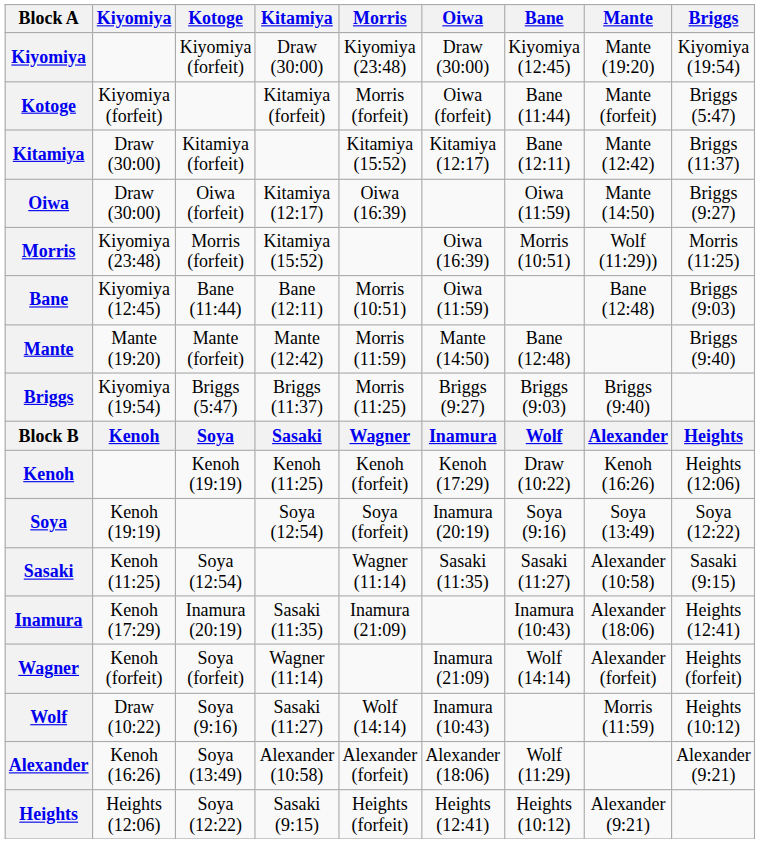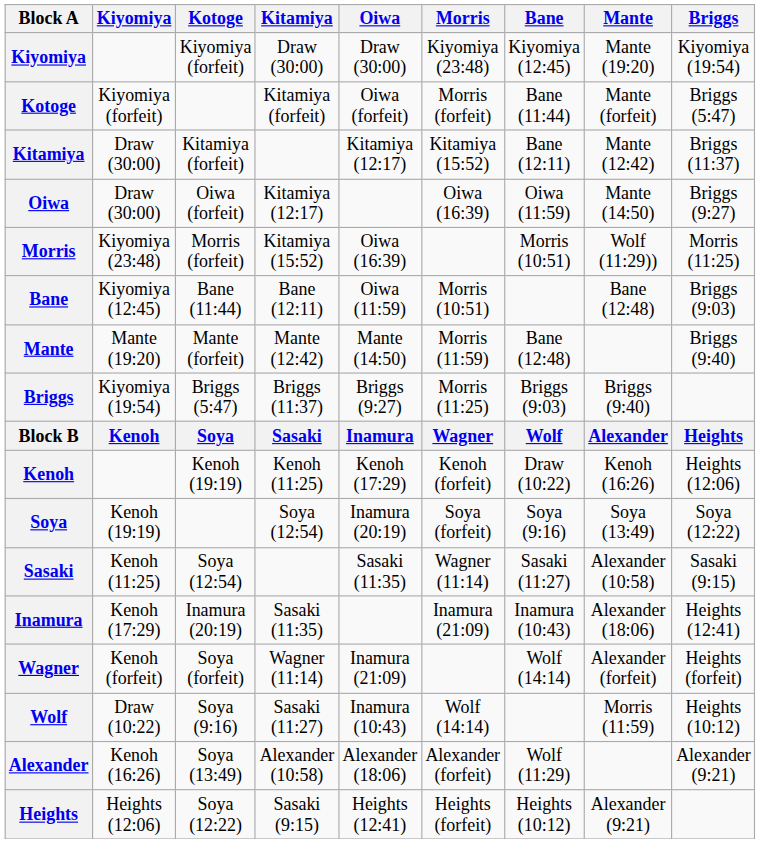 <table class="wikitable" style="text-align:center; margin: 1em auto 1em auto;" width="25%">
 <tr>
 <th>Block A</th>
 <th><a href='#'>Kiyomiya</a></th>
 <th><a href='#'>Kotoge</a></th>
 <th><a href='#'>Kitamiya</a></th>
+<th><a href='#'>Oiwa</a></th>
 <th><a href='#'>Morris</a></th>
-<th><a href='#'>Oiwa</a></th>
 <th><a href='#'>Bane</a></th>
 <th><a href='#'>Mante</a></th>
 <th><a href='#'>Briggs</a></th>
 </tr>
 <tr>
 <th><a href='#'>Kiyomiya</a></th>
 <td></td>
 <td>Kiyomiya<br>(forfeit)</td>
 <td>Draw<br>(30:00)</td>
+<td>Draw<br>(30:00)</td>
 <td>Kiyomiya<br>(23:48)</td>
-<td>Draw<br>(30:00)</td>
 <td>Kiyomiya<br>(12:45)</td>
 <td>Mante<br>(19:20)</td>
 <td>Kiyomiya<br>(19:54)</td>
 </tr>
 <tr>
 <th><a href='#'>Kotoge</a></th>
 <td>Kiyomiya<br>(forfeit)</td>
 <td></td>
 <td>Kitamiya<br>(forfeit)</td>
+<td>Oiwa<br>(forfeit)</td>
 <td>Morris<br>(forfeit)</td>
-<td>Oiwa<br>(forfeit)</td>
 <td>Bane<br>(11:44)</td>
 <td>Mante<br>(forfeit)</td>
 <td>Briggs<br>(5:47)</td>
 </tr>
 <tr>
 <th><a href='#'>Kitamiya</a></th>
 <td>Draw<br>(30:00)</td>
 <td>Kitamiya<br>(forfeit)</td>
 <td></td>
+<td>Kitamiya<br>(12:17)</td>
 <td>Kitamiya<br>(15:52)</td>
-<td>Kitamiya<br>(12:17)</td>
 <td>Bane<br>(12:11)</td>
 <td>Mante<br>(12:42)</td>
 <td>Briggs<br>(11:37)</td>
 </tr>
 <tr>
 <th><a href='#'>Oiwa</a></th>
 <td>Draw<br>(30:00)</td>
 <td>Oiwa<br>(forfeit)</td>
 <td>Kitamiya<br>(12:17)</td>
+<td></td>
 <td>Oiwa<br>(16:39)</td>
-<td></td>
 <td>Oiwa<br>(11:59)</td>
 <td>Mante<br>(14:50)</td>
 <td>Briggs<br>(9:27)</td>
 </tr>
 <tr>
 <th><a href='#'>Morris</a></th>
 <td>Kiyomiya<br>(23:48)</td>
 <td>Morris<br>(forfeit)</td>
 <td>Kitamiya<br>(15:52)</td>
+<td>Oiwa<br>(16:39)</td>
 <td></td>
-<td>Oiwa<br>(16:39)</td>
 <td>Morris<br>(10:51)</td>
 <td>Wolf<br>(11:29))</td>
 <td>Morris<br>(11:25)</td>
 </tr>
 <tr>
 <th><a href='#'>Bane</a></th>
 <td>Kiyomiya<br>(12:45)</td>
 <td>Bane<br>(11:44)</td>
 <td>Bane<br>(12:11)</td>
+<td>Oiwa<br>(11:59)</td>
 <td>Morris<br>(10:51)</td>
-<td>Oiwa<br>(11:59)</td>
 <td></td>
 <td>Bane<br>(12:48)</td>
 <td>Briggs<br>(9:03)</td>
 </tr>
 <tr>
 <th><a href='#'>Mante</a></th>
 <td>Mante<br>(19:20)</td>
 <td>Mante<br>(forfeit)</td>
 <td>Mante<br>(12:42)</td>
+<td>Mante<br>(14:50)</td>
 <td>Morris<br>(11:59)</td>
-<td>Mante<br>(14:50)</td>
 <td>Bane<br>(12:48)</td>
 <td></td>
 <td>Briggs<br>(9:40)</td>
 </tr>
 <tr>
 <th><a href='#'>Briggs</a></th>
 <td>Kiyomiya<br>(19:54)</td>
 <td>Briggs<br>(5:47)</td>
 <td>Briggs<br>(11:37)</td>
+<td>Briggs<br>(9:27)</td>
 <td>Morris<br>(11:25)</td>
-<td>Briggs<br>(9:27)</td>
 <td>Briggs<br>(9:03)</td>
 <td>Briggs<br>(9:40)</td>
 <td></td>
 </tr>
 <tr>
 <th>Block B</th>
 <th><a href='#'>Kenoh</a></th>
 <th><a href='#'>Soya</a></th>
 <th><a href='#'>Sasaki</a></th>
+<th><a href='#'>Inamura</a></th>
 <th><a href='#'>Wagner</a></th>
-<th><a href='#'>Inamura</a></th>
 <th><a href='#'>Wolf</a></th>
 <th><a href='#'>Alexander</a></th>
 <th><a href='#'>Heights</a></th>
 </tr>
 <tr>
 <th><a href='#'>Kenoh</a></th>
 <td></td>
 <td>Kenoh<br>(19:19)</td>
 <td>Kenoh<br>(11:25)</td>
+<td>Kenoh<br>(17:29)</td>
 <td>Kenoh<br>(forfeit)</td>
-<td>Kenoh<br>(17:29)</td>
 <td>Draw<br>(10:22)</td>
 <td>Kenoh<br>(16:26)</td>
 <td>Heights<br>(12:06)</td>
 </tr>
 <tr>
 <th><a href='#'>Soya</a></th>
 <td>Kenoh<br>(19:19)</td>
 <td></td>
 <td>Soya<br>(12:54)</td>
+<td>Inamura<br>(20:19)</td>
 <td>Soya<br>(forfeit)</td>
-<td>Inamura<br>(20:19)</td>
 <td>Soya<br>(9:16)</td>
 <td>Soya<br>(13:49)</td>
 <td>Soya<br>(12:22)</td>
 </tr>
 <tr>
 <th><a href='#'>Sasaki</a></th>
 <td>Kenoh<br>(11:25)</td>
 <td>Soya<br>(12:54)</td>
 <td></td>
+<td>Sasaki<br>(11:35)</td>
 <td>Wagner<br>(11:14)</td>
-<td>Sasaki<br>(11:35)</td>
 <td>Sasaki<br>(11:27)</td>
 <td>Alexander<br>(10:58)</td>
 <td>Sasaki<br>(9:15)</td>
 </tr>
 <tr>
 <th><a href='#'>Inamura</a></th>
 <td>Kenoh<br>(17:29)</td>
 <td>Inamura<br>(20:19)</td>
 <td>Sasaki<br>(11:35)</td>
+<td></td>
 <td>Inamura<br>(21:09)</td>
-<td></td>
 <td>Inamura<br>(10:43)</td>
 <td>Alexander<br>(18:06)</td>
 <td>Heights<br>(12:41)</td>
 </tr>
 <tr>
 <th><a href='#'>Wagner</a></th>
 <td>Kenoh<br>(forfeit)</td>
 <td>Soya<br>(forfeit)</td>
 <td>Wagner<br>(11:14)</td>
+<td>Inamura<br>(21:09)</td>
 <td></td>
-<td>Inamura<br>(21:09)</td>
 <td>Wolf<br>(14:14)</td>
 <td>Alexander<br>(forfeit)</td>
 <td>Heights<br>(forfeit)</td>
 </tr>
 <tr>
 <th><a href='#'>Wolf</a></th>
 <td>Draw<br>(10:22)</td>
 <td>Soya<br>(9:16)</td>
 <td>Sasaki<br>(11:27)</td>
+<td>Inamura<br>(10:43)</td>
 <td>Wolf<br>(14:14)</td>
-<td>Inamura<br>(10:43)</td>
 <td></td>
 <td>Morris<br>(11:59)</td>
 <td>Heights<br>(10:12)</td>
 </tr>
 <tr>
 <th><a href='#'>Alexander</a></th>
 <td>Kenoh<br>(16:26)</td>
 <td>Soya<br>(13:49)</td>
 <td>Alexander<br>(10:58)</td>
+<td>Alexander<br>(18:06)</td>
 <td>Alexander<br>(forfeit)</td>
-<td>Alexander<br>(18:06)</td>
 <td>Wolf<br>(11:29)</td>
 <td></td>
 <td>Alexander<br>(9:21)</td>
 </tr>
 <tr>
 <th><a href='#'>Heights</a></th>
 <td>Heights<br>(12:06)</td>
 <td>Soya<br>(12:22)</td>
 <td>Sasaki<br>(9:15)</td>
+<td>Heights<br>(12:41)</td>
 <td>Heights<br>(forfeit)</td>
-<td>Heights<br>(12:41)</td>
 <td>Heights<br>(10:12)</td>
 <td>Alexander<br>(9:21)</td>
 <td></td>
 </tr>
 </table>
